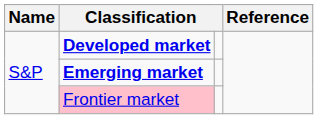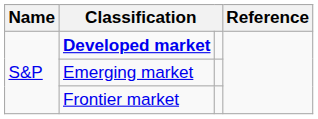 <table class="wikitable sortable" style="text-align:left">
 <tr>
 <th>Name</th>
 <th colspan="2">Classification</th>
 <th>Reference</th>
 </tr>
 <tr>
 <td rowspan="3"><a href='#'>S&P</a></td>
 <td><strong><a href='#'>Developed market</a></strong></td>
 <td></td>
 <td rowspan="3"></td>
 </tr>
 <tr>
-<td><strong><a href='#'>Emerging market</a></strong></td>
+<td><a href='#'>Emerging market</a></td>
 <td></td>
 </tr>
 <tr>
-<td style="background: pink;"><a href='#'>Frontier market</a></td>
+<td><a href='#'>Frontier market</a></td>
 <td></td>
 </tr>
 </table>
